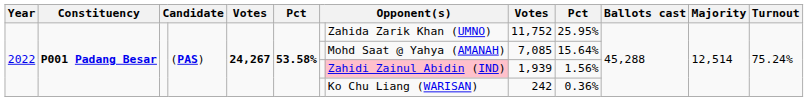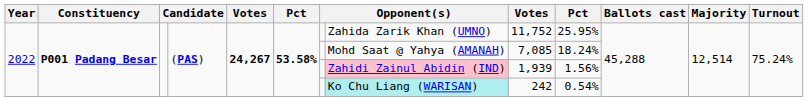 <table class="wikitable" style="margin:0.5em ; font-size:95%">
 <tr>
 <th>Year</th>
 <th>Constituency</th>
 <th colspan=2>Candidate</th>
 <th>Votes</th>
 <th>Pct</th>
 <th colspan=2>Opponent(s)</th>
 <th>Votes</th>
 <th>Pct</th>
 <th>Ballots cast</th>
 <th>Majority</th>
 <th>Turnout</th>
 </tr>
 <tr>
 <td rowspan=4><a href='#'>2022</a></td>
 <td rowspan=4><strong>P001 <a href='#'>Padang Besar</a></strong></td>
 <td rowspan=4 bgcolor=></td>
 <td rowspan=4> (<a href='#'><strong>PAS</strong></a>)</td>
 <td rowspan=4 align="right"><strong>24,267</strong></td>
 <td rowspan=4><strong>53.58%</strong></td>
 <td></td>
 <td>Zahida Zarik Khan (<a href='#'>UMNO</a>)</td>
 <td align="right">11,752</td>
 <td>25.95%</td>
 <td rowspan="4">45,288</td>
 <td rowspan="4">12,514</td>
 <td rowspan="4">75.24%</td>
 </tr>
 <tr>
 <td></td>
 <td>Mohd Saat @ Yahya (<a href='#'>AMANAH</a>)</td>
 <td align="right">7,085</td>
-<td>15.64%</td>
+<td>18.24%</td>
 </tr>
 <tr>
 <td></td>
 <td style="background: pink;"><a href='#'>Zahidi Zainul Abidin</a> (<a href='#'>IND</a>)</td>
 <td align="right">1,939</td>
 <td align="right">1.56%</td>
 </tr>
 <tr>
 <td></td>
-<td>Ko Chu Liang (<a href='#'>WARISAN</a>)</td>
+<td style="background: paleturquoise;">Ko Chu Liang (<a href='#'>WARISAN</a>)</td>
 <td align="right">242</td>
-<td align="right">0.36%</td>
+<td align="right">0.54%</td>
 </tr>
 </table>
